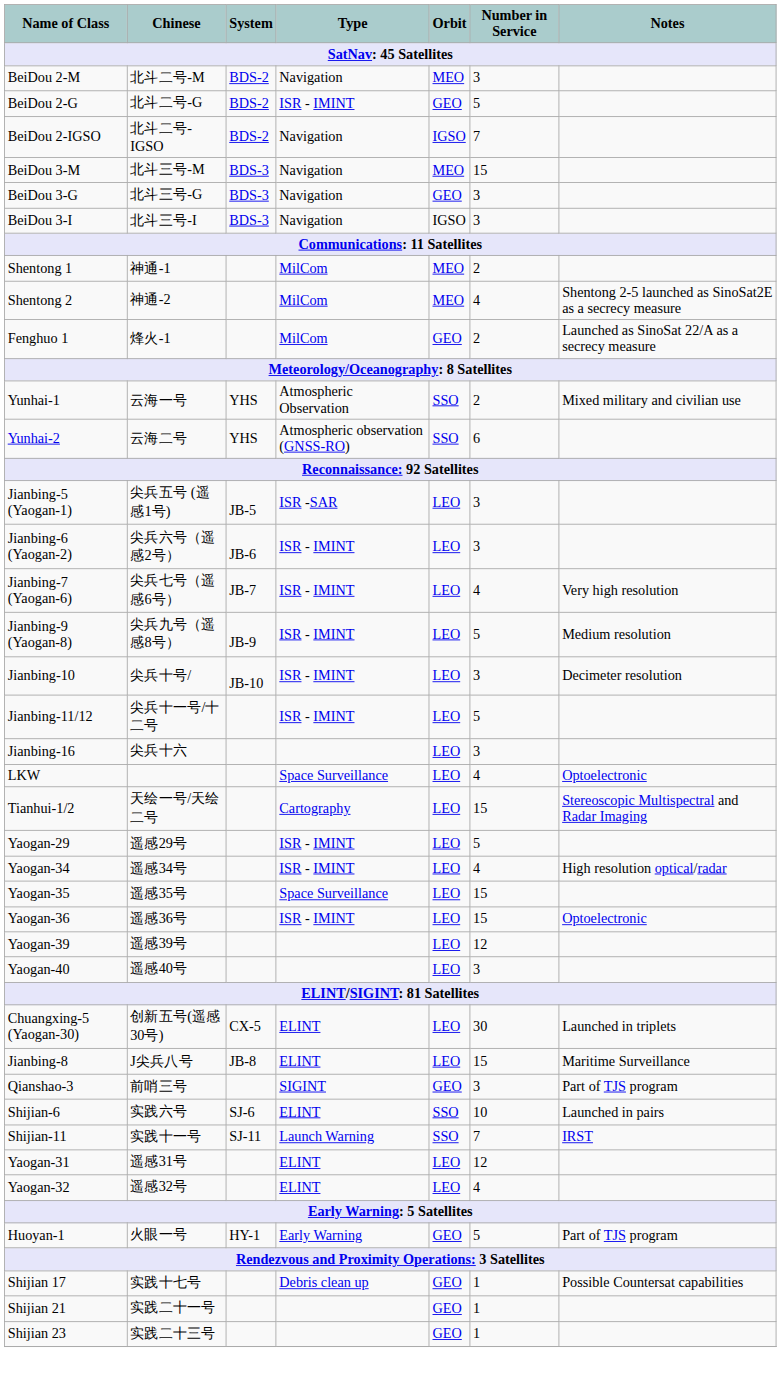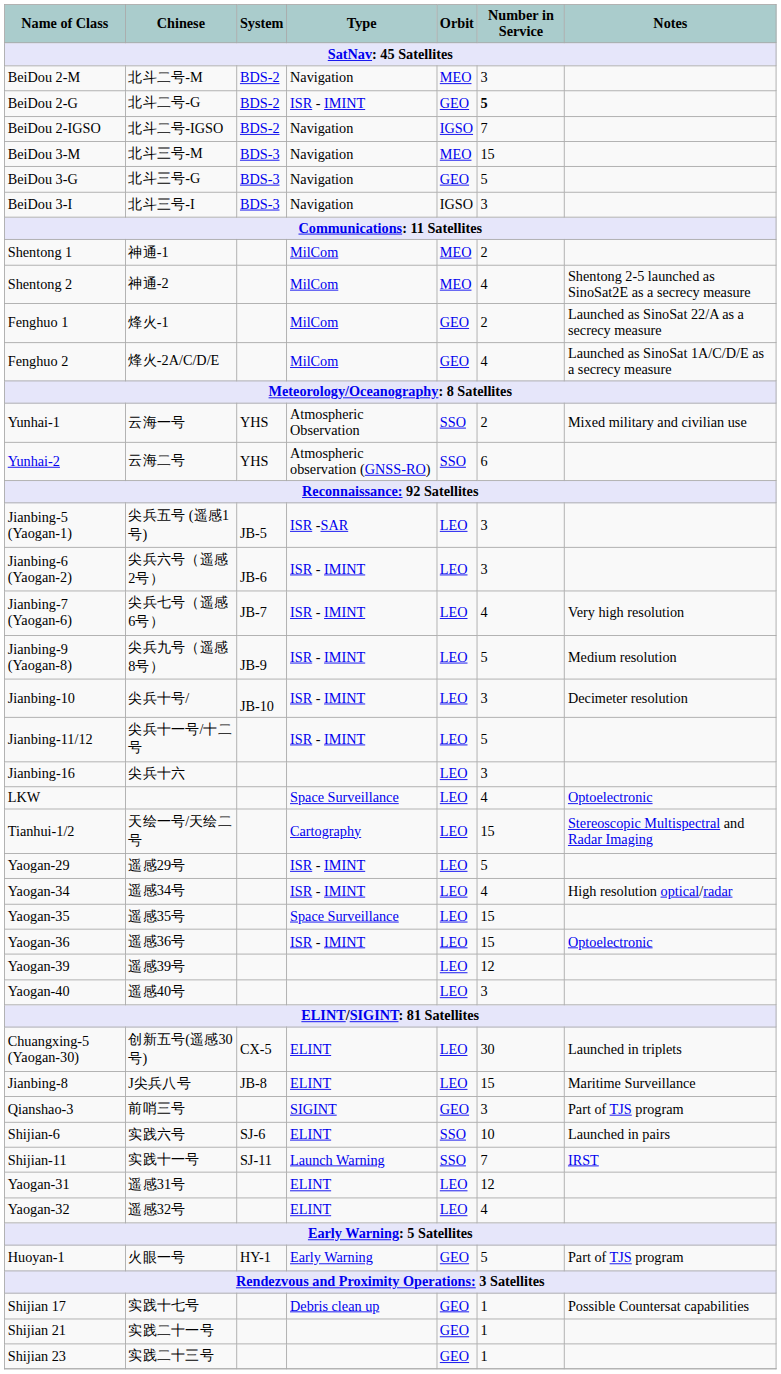 <table class="wikitable">
 <tr>
 <th style="text-align:center; background:#acc;">Name of Class</th>
 <th style="text-align: center; background:#acc;">Chinese</th>
 <th style="text-align: center; background:#acc;">System</th>
 <th style="text-align:l center; background:#acc;">Type</th>
 <th style="text-align:left; background:#acc;">Orbit</th>
 <th style="text-align:center; background:#acc;">Number in Service</th>
 <th style="text-align: center; background:#acc;">Notes</th>
 </tr>
 <tr>
 <th colspan="7" style="align: center; background: lavender;"><a href='#'>SatNav</a>: 45 Satellites</th>
 </tr>
 <tr>
 <td>BeiDou 2-M</td>
 <td>北斗二号-M</td>
 <td><a href='#'>BDS-2</a></td>
 <td>Navigation</td>
 <td><a href='#'>MEO</a></td>
 <td>3</td>
 <td></td>
 </tr>
 <tr>
 <td>BeiDou 2-G</td>
 <td>北斗二号-G</td>
 <td><a href='#'>BDS-2</a></td>
 <td><a href='#'>ISR</a> - <a href='#'>IMINT</a></td>
 <td><a href='#'>GEO</a></td>
-<td>5</td>
+<td><strong>5</strong></td>
 <td></td>
 </tr>
 <tr>
 <td>BeiDou 2-IGSO</td>
 <td>北斗二号-IGSO</td>
 <td><a href='#'>BDS-2</a></td>
 <td>Navigation</td>
 <td><a href='#'>IGSO</a></td>
 <td>7</td>
 <td></td>
 </tr>
 <tr>
 <td>BeiDou 3-M</td>
 <td>北斗三号-M</td>
 <td><a href='#'>BDS-3</a></td>
 <td>Navigation</td>
 <td><a href='#'>MEO</a></td>
 <td>15</td>
 <td></td>
 </tr>
 <tr>
 <td>BeiDou 3-G</td>
 <td>北斗三号-G</td>
 <td><a href='#'>BDS-3</a></td>
 <td>Navigation</td>
 <td><a href='#'>GEO</a></td>
-<td>3</td>
+<td>5</td>
 <td></td>
 </tr>
 <tr>
 <td>BeiDou 3-I</td>
 <td>北斗三号-I</td>
 <td><a href='#'>BDS-3</a></td>
 <td>Navigation</td>
 <td>IGSO</td>
 <td>3</td>
 <td></td>
 </tr>
 <tr>
 <th colspan="7" style="align: center; background: lavender;"><a href='#'>Communications</a>: 11 Satellites</th>
 </tr>
 <tr>
 <td>Shentong 1</td>
 <td>神通-1</td>
 <td></td>
 <td><a href='#'>MilCom</a></td>
 <td><a href='#'>MEO</a></td>
 <td>2</td>
 <td></td>
 </tr>
 <tr>
 <td>Shentong 2</td>
 <td>神通-2</td>
 <td></td>
 <td><a href='#'>MilCom</a></td>
 <td><a href='#'>MEO</a></td>
 <td>4</td>
 <td>Shentong 2-5 launched as SinoSat2E as a secrecy measure</td>
 </tr>
 <tr>
 <td>Fenghuo 1</td>
 <td>烽火-1</td>
 <td></td>
 <td><a href='#'>MilCom</a></td>
 <td><a href='#'>GEO</a></td>
 <td>2</td>
 <td>Launched as SinoSat 22/A as a secrecy measure</td>
+</tr>
+<tr>
+<td>Fenghuo 2</td>
+<td>烽火-2A/C/D/E</td>
+<td></td>
+<td><a href='#'>MilCom</a></td>
+<td><a href='#'>GEO</a></td>
+<td>4</td>
+<td>Launched as SinoSat 1A/C/D/E as a secrecy measure</td>
 </tr>
 <tr>
 <th colspan="7" style="align: center; background: lavender;"><a href='#'>Meteorology/Oceanography</a>: 8 Satellites</th>
 </tr>
 <tr>
 <td>Yunhai-1</td>
 <td>云海一号</td>
 <td>YHS</td>
 <td>Atmospheric Observation</td>
 <td><a href='#'>SSO</a></td>
 <td>2</td>
 <td>Mixed military and civilian use</td>
 </tr>
 <tr>
 <td><a href='#'>Yunhai-2</a></td>
 <td>云海二号</td>
 <td>YHS</td>
 <td>Atmospheric observation (<a href='#'>GNSS-RO</a>)</td>
 <td><a href='#'>SSO</a></td>
 <td>6</td>
 <td></td>
 </tr>
 <tr>
 <th colspan="7" style="align: center; background: lavender;"><a href='#'>Reconnaissance:</a> 92 Satellites</th>
 </tr>
 <tr>
 <td>Jianbing-5 (Yaogan-1)</td>
 <td>尖兵五号 (遥感1号)</td>
 <td><br>JB-5</td>
 <td><a href='#'>ISR</a> -<a href='#'>SAR</a></td>
 <td><a href='#'>LEO</a></td>
 <td>3</td>
 <td></td>
 </tr>
 <tr>
 <td>Jianbing-6 (Yaogan-2)</td>
 <td>尖兵六号（遥感2号）</td>
 <td><br>JB-6</td>
 <td><a href='#'>ISR</a> - <a href='#'>IMINT</a></td>
 <td><a href='#'>LEO</a></td>
 <td>3</td>
 <td></td>
 </tr>
 <tr>
 <td>Jianbing-7 (Yaogan-6)</td>
 <td>尖兵七号（遥感6号）</td>
 <td>JB-7</td>
 <td><a href='#'>ISR</a> - <a href='#'>IMINT</a></td>
 <td><a href='#'>LEO</a></td>
 <td>4 </td>
 <td>Very high resolution</td>
 </tr>
 <tr>
 <td>Jianbing-9 (Yaogan-8)</td>
 <td>尖兵九号（遥感8号）</td>
 <td><br>JB-9</td>
 <td><a href='#'>ISR</a> - <a href='#'>IMINT</a></td>
 <td><a href='#'>LEO</a></td>
 <td>5</td>
 <td>Medium resolution</td>
 </tr>
 <tr>
 <td>Jianbing-10</td>
 <td>尖兵十号/</td>
 <td><br>JB-10</td>
 <td><a href='#'>ISR</a> - <a href='#'>IMINT</a></td>
 <td><a href='#'>LEO</a></td>
 <td>3</td>
 <td>Decimeter resolution</td>
 </tr>
 <tr>
 <td>Jianbing-11/12</td>
 <td>尖兵十一号/十二号</td>
 <td></td>
 <td><a href='#'>ISR</a> - <a href='#'>IMINT</a></td>
 <td><a href='#'>LEO</a></td>
 <td>5</td>
 <td></td>
 </tr>
 <tr>
 <td>Jianbing-16</td>
 <td>尖兵十六</td>
 <td></td>
 <td></td>
 <td><a href='#'>LEO</a></td>
 <td>3</td>
 <td></td>
 </tr>
 <tr>
 <td>LKW</td>
 <td></td>
 <td></td>
 <td><a href='#'>Space Surveillance</a></td>
 <td><a href='#'>LEO</a></td>
 <td>4</td>
 <td><a href='#'>Optoelectronic</a></td>
 </tr>
 <tr>
 <td>Tianhui-1/2</td>
 <td>天绘一号/天绘二号</td>
 <td></td>
 <td><a href='#'>Cartography</a></td>
 <td><a href='#'>LEO</a></td>
 <td>15</td>
 <td><a href='#'>Stereoscopic Multispectral</a> and <a href='#'>Radar Imaging</a></td>
 </tr>
 <tr>
 <td>Yaogan-29</td>
 <td>遥感29号</td>
 <td></td>
 <td><a href='#'>ISR</a> - <a href='#'>IMINT</a></td>
 <td><a href='#'>LEO</a></td>
 <td>5</td>
 <td></td>
 </tr>
 <tr>
 <td>Yaogan-34</td>
 <td>遥感34号</td>
 <td></td>
 <td><a href='#'>ISR</a> - <a href='#'>IMINT</a></td>
 <td><a href='#'>LEO</a></td>
 <td>4</td>
 <td>High resolution <a href='#'>optical</a>/<a href='#'>radar</a></td>
 </tr>
 <tr>
 <td>Yaogan-35</td>
 <td>遥感35号</td>
 <td></td>
 <td><a href='#'>Space Surveillance</a></td>
 <td><a href='#'>LEO</a></td>
 <td>15</td>
 <td></td>
 </tr>
 <tr>
 <td>Yaogan-36</td>
 <td>遥感36号</td>
 <td></td>
 <td><a href='#'>ISR</a> - <a href='#'>IMINT</a></td>
 <td><a href='#'>LEO</a></td>
 <td>15</td>
 <td><a href='#'>Optoelectronic</a></td>
 </tr>
 <tr>
 <td>Yaogan-39</td>
 <td>遥感39号</td>
 <td></td>
 <td></td>
 <td><a href='#'>LEO</a></td>
 <td>12</td>
 <td></td>
 </tr>
 <tr>
 <td>Yaogan-40</td>
 <td>遥感40号</td>
 <td></td>
 <td></td>
 <td><a href='#'>LEO</a></td>
 <td>3</td>
 <td></td>
 </tr>
 <tr>
 <th colspan="7" style="align: center; background: lavender;"><a href='#'>ELINT</a>/<a href='#'>SIGINT</a>: 81 Satellites</th>
 </tr>
 <tr>
 <td>Chuangxing-5 (Yaogan-30)</td>
 <td>创新五号(遥感30号)</td>
 <td>CX-5</td>
 <td><a href='#'>ELINT</a></td>
 <td><a href='#'>LEO</a></td>
 <td>30</td>
 <td>Launched in triplets</td>
 </tr>
 <tr>
 <td>Jianbing-8</td>
 <td>J尖兵八号</td>
 <td>JB-8</td>
 <td><a href='#'>ELINT</a></td>
 <td><a href='#'>LEO</a></td>
 <td>15</td>
 <td>Maritime Surveillance</td>
 </tr>
 <tr>
 <td>Qianshao-3</td>
 <td>前哨三号</td>
 <td></td>
 <td><a href='#'>SIGINT</a></td>
 <td><a href='#'>GEO</a></td>
 <td>3</td>
 <td>Part of <a href='#'>TJS</a> program</td>
 </tr>
 <tr>
 <td>Shijian-6</td>
 <td>实践六号</td>
 <td>SJ-6</td>
 <td><a href='#'>ELINT</a></td>
 <td><a href='#'>SSO</a></td>
 <td>10</td>
 <td>Launched in pairs</td>
 </tr>
 <tr>
 <td>Shijian-11</td>
 <td>实践十一号</td>
 <td>SJ-11</td>
 <td><a href='#'>Launch Warning</a></td>
 <td><a href='#'>SSO</a></td>
 <td>7</td>
 <td><a href='#'>IRST</a></td>
 </tr>
 <tr>
 <td>Yaogan-31</td>
 <td>遥感31号</td>
 <td></td>
 <td><a href='#'>ELINT</a></td>
 <td><a href='#'>LEO</a></td>
 <td>12</td>
 <td></td>
 </tr>
 <tr>
 <td>Yaogan-32</td>
 <td>遥感32号</td>
 <td></td>
 <td><a href='#'>ELINT</a></td>
 <td><a href='#'>LEO</a></td>
 <td>4</td>
 <td></td>
 </tr>
 <tr>
 <th colspan="7" style="align: center; background: lavender;"><a href='#'>Early Warning</a>: 5 Satellites</th>
 </tr>
 <tr>
 <td>Huoyan-1</td>
 <td>火眼一号</td>
 <td>HY-1</td>
 <td><a href='#'>Early Warning</a></td>
 <td><a href='#'>GEO</a></td>
 <td>5</td>
 <td>Part of <a href='#'>TJS</a> program</td>
 </tr>
 <tr>
 <th colspan="7" style="align: center; background: lavender;"><a href='#'>Rendezvous and Proximity Operations:</a> 3 Satellites</th>
 </tr>
 <tr>
 <td>Shijian 17</td>
 <td>实践十七号</td>
 <td></td>
 <td><a href='#'>Debris clean up</a></td>
 <td><a href='#'>GEO</a></td>
 <td>1</td>
 <td>Possible Countersat capabilities</td>
 </tr>
 <tr>
 <td>Shijian 21</td>
 <td>实践二十一号</td>
 <td></td>
 <td></td>
 <td><a href='#'>GEO</a></td>
 <td>1</td>
 <td></td>
 </tr>
 <tr>
 <td>Shijian 23</td>
 <td>实践二十三号</td>
 <td></td>
 <td></td>
 <td><a href='#'>GEO</a></td>
 <td>1</td>
 <td></td>
 </tr>
 <tr>
 </tr>
 </table>
